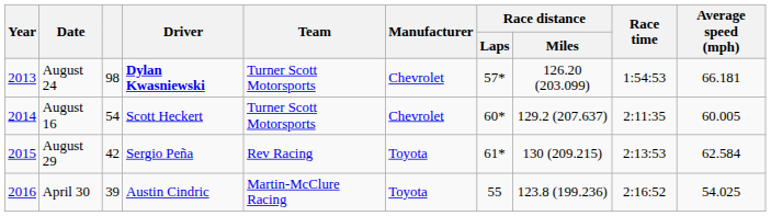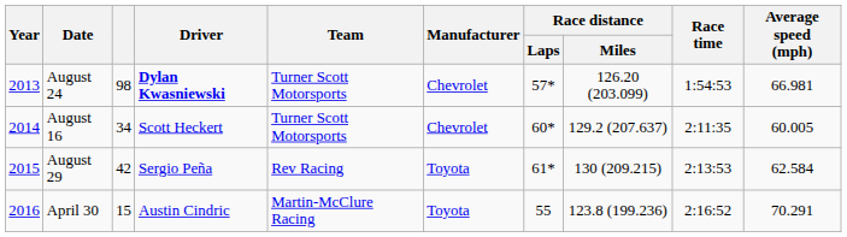 <table class="wikitable">
 <tr>
 <th rowspan="2">Year</th>
 <th rowspan="2">Date</th>
 <th rowspan="2"></th>
 <th rowspan="2">Driver</th>
 <th rowspan="2">Team</th>
 <th rowspan="2">Manufacturer</th>
 <th colspan="2">Race distance</th>
 <th rowspan="2">Race time</th>
 <th rowspan="2">Average speed<br>(mph)</th>
 </tr>
 <tr>
 <th>Laps</th>
 <th>Miles</th>
 </tr>
 <tr>
 <td><a href='#'>2013</a></td>
 <td>August 24</td>
 <td align="center">98</td>
 <td><strong><a href='#'>Dylan Kwasniewski</a></strong></td>
 <td><a href='#'>Turner Scott Motorsports</a></td>
 <td><a href='#'>Chevrolet</a></td>
 <td align="center">57*</td>
 <td align="center">126.20 (203.099)</td>
 <td align="center">1:54:53</td>
-<td align="center">66.181</td>
+<td align="center">66.981</td>
 </tr>
 <tr>
 <td><a href='#'>2014</a></td>
 <td>August 16</td>
-<td align="center">54</td>
+<td align="center">34</td>
 <td><a href='#'>Scott Heckert</a></td>
 <td><a href='#'>Turner Scott Motorsports</a></td>
 <td><a href='#'>Chevrolet</a></td>
 <td align="center">60*</td>
 <td align="center">129.2 (207.637)</td>
 <td align="center">2:11:35</td>
 <td align="center">60.005</td>
 </tr>
 <tr>
 <td><a href='#'>2015</a></td>
 <td>August 29</td>
 <td align="center">42</td>
 <td><a href='#'>Sergio Peña</a></td>
 <td><a href='#'>Rev Racing</a></td>
 <td><a href='#'>Toyota</a></td>
 <td align="center">61*</td>
 <td align="center">130 (209.215)</td>
 <td align="center">2:13:53</td>
 <td align="center">62.584</td>
 </tr>
 <tr>
 <td><a href='#'>2016</a></td>
 <td>April 30</td>
-<td align="center">39</td>
+<td align="center">15</td>
 <td><a href='#'>Austin Cindric</a></td>
 <td><a href='#'>Martin-McClure Racing</a></td>
 <td><a href='#'>Toyota</a></td>
 <td align="center">55</td>
 <td align="center">123.8 (199.236)</td>
 <td align="center">2:16:52</td>
-<td align="center">54.025</td>
+<td align="center">70.291</td>
 </tr>
 </table>
